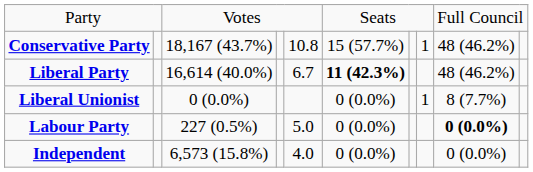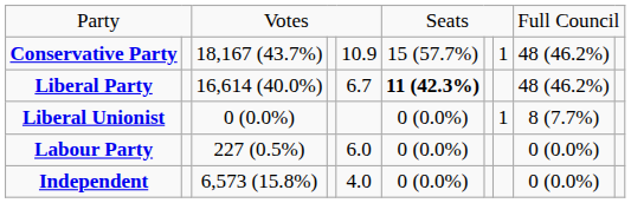 <table class=wikitable style="text-align:center;">
 <tr>
 <td colspan=2>Party</td>
 <td colspan=3>Votes</td>
 <td colspan=3>Seats</td>
 <td colspan=3>Full Council</td>
 </tr>
 <tr>
 <td><strong><a href='#'>Conservative Party</a></strong></td>
 <td style="background:"></td>
 <td>18,167 (43.7%)</td>
 <td></td>
-<td> 10.8</td>
+<td> 10.9</td>
 <td>15 (57.7%)</td>
 <td></td>
 <td> 1</td>
 <td>48 (46.2%)</td>
 <td></td>
 </tr>
 <tr>
 <td><strong><a href='#'>Liberal Party</a></strong></td>
 <td style="background:"></td>
 <td>16,614 (40.0%)</td>
 <td></td>
 <td> 6.7</td>
 <td><strong>11 (42.3%)</strong></td>
 <td></td>
 <td></td>
 <td>48 (46.2%)</td>
 <td></td>
 </tr>
 <tr>
 <td><strong><a href='#'>Liberal Unionist</a></strong></td>
 <td style="background:"></td>
 <td>0 (0.0%)</td>
 <td></td>
 <td></td>
 <td>0 (0.0%)</td>
 <td></td>
 <td> 1</td>
 <td>8 (7.7%)</td>
 <td></td>
 </tr>
 <tr>
 <td><strong><a href='#'>Labour Party</a></strong></td>
 <td style="background:"></td>
 <td>227 (0.5%)</td>
 <td></td>
-<td> 5.0</td>
+<td> 6.0</td>
 <td>0 (0.0%)</td>
 <td></td>
 <td></td>
-<td><strong>0 (0.0%)</strong></td>
+<td>0 (0.0%)</td>
 <td></td>
 </tr>
 <tr>
 <td><strong><a href='#'>Independent</a></strong></td>
 <td style="background:"></td>
 <td>6,573 (15.8%)</td>
 <td></td>
 <td> 4.0</td>
 <td>0 (0.0%)</td>
 <td></td>
 <td></td>
 <td>0 (0.0%)</td>
 <td></td>
 </tr>
 </table>
